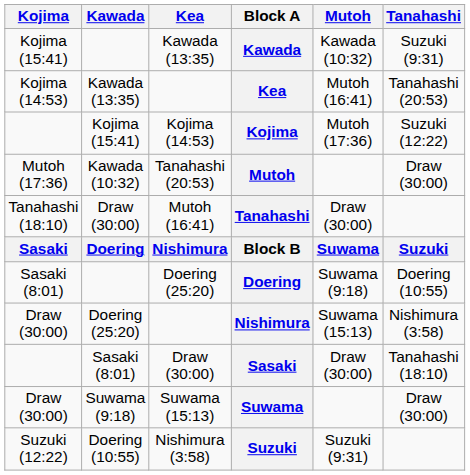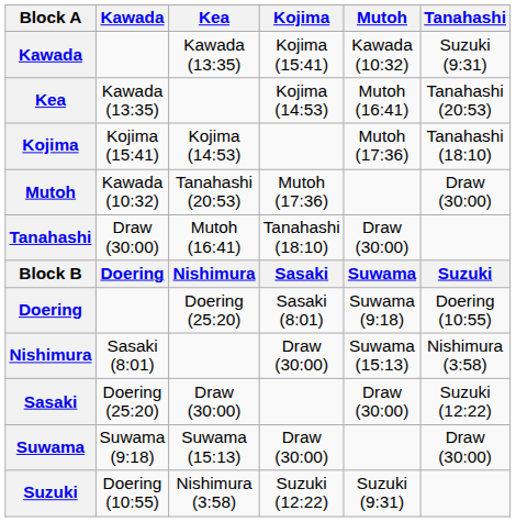 <table class="wikitable" style="margin: 1em auto 1em auto; text-align:center;">
 <tr>
-<th><a href='#'>Kojima</a></th>
+<th>Block A</th>
 <th><a href='#'>Kawada</a></th>
 <th><a href='#'>Kea</a></th>
-<th>Block A</th>
+<th><a href='#'>Kojima</a></th>
 <th><a href='#'>Mutoh</a></th>
 <th><a href='#'>Tanahashi</a></th>
 </tr>
 <tr>
-<td>Kojima<br>(15:41)</td>
+<th><a href='#'>Kawada</a></th>
 <td></td>
 <td>Kawada<br>(13:35)</td>
-<th><a href='#'>Kawada</a></th>
+<td>Kojima<br>(15:41)</td>
 <td>Kawada<br>(10:32)</td>
 <td>Suzuki<br>(9:31)</td>
 </tr>
 <tr>
-<td>Kojima<br>(14:53)</td>
+<th><a href='#'>Kea</a></th>
 <td>Kawada<br>(13:35)</td>
 <td></td>
-<th><a href='#'>Kea</a></th>
+<td>Kojima<br>(14:53)</td>
 <td>Mutoh<br>(16:41)</td>
 <td>Tanahashi<br>(20:53)</td>
 </tr>
 <tr>
-<td></td>
+<th><a href='#'>Kojima</a></th>
 <td>Kojima<br>(15:41)</td>
 <td>Kojima<br>(14:53)</td>
-<th><a href='#'>Kojima</a></th>
+<td></td>
 <td>Mutoh<br>(17:36)</td>
-<td>Suzuki<br>(12:22)</td>
+<td>Tanahashi<br>(18:10)</td>
 </tr>
 <tr>
-<td>Mutoh<br>(17:36)</td>
+<th><a href='#'>Mutoh</a></th>
 <td>Kawada<br>(10:32)</td>
 <td>Tanahashi<br>(20:53)</td>
-<th><a href='#'>Mutoh</a></th>
+<td>Mutoh<br>(17:36)</td>
 <td></td>
 <td>Draw<br>(30:00)</td>
 </tr>
 <tr>
-<td>Tanahashi<br>(18:10)</td>
+<th><a href='#'>Tanahashi</a></th>
 <td>Draw<br>(30:00)</td>
 <td>Mutoh<br>(16:41)</td>
-<th><a href='#'>Tanahashi</a></th>
+<td>Tanahashi<br>(18:10)</td>
 <td>Draw<br>(30:00)</td>
 <td></td>
 </tr>
 <tr>
-<th><a href='#'>Sasaki</a></th>
+<th>Block B</th>
 <th><a href='#'>Doering</a></th>
 <th><a href='#'>Nishimura</a></th>
-<th>Block B</th>
+<th><a href='#'>Sasaki</a></th>
 <th><a href='#'>Suwama</a></th>
 <th><a href='#'>Suzuki</a></th>
 </tr>
 <tr>
-<td>Sasaki<br>(8:01)</td>
+<th><a href='#'>Doering</a></th>
 <td></td>
 <td>Doering<br>(25:20)</td>
-<th><a href='#'>Doering</a></th>
+<td>Sasaki<br>(8:01)</td>
 <td>Suwama<br>(9:18)</td>
 <td>Doering<br>(10:55)</td>
 </tr>
 <tr>
+<th><a href='#'>Nishimura</a></th>
+<td>Sasaki<br>(8:01)</td>
+<td></td>
 <td>Draw<br>(30:00)</td>
-<td>Doering<br>(25:20)</td>
-<td></td>
-<th><a href='#'>Nishimura</a></th>
 <td>Suwama<br>(15:13)</td>
 <td>Nishimura<br>(3:58)</td>
 </tr>
 <tr>
+<th><a href='#'>Sasaki</a></th>
+<td>Doering<br>(25:20)</td>
+<td>Draw<br>(30:00)</td>
 <td></td>
-<td>Sasaki<br>(8:01)</td>
 <td>Draw<br>(30:00)</td>
-<th><a href='#'>Sasaki</a></th>
-<td>Draw<br>(30:00)</td>
-<td>Tanahashi<br>(18:10)</td>
+<td>Suzuki<br>(12:22)</td>
 </tr>
 <tr>
-<td>Draw<br>(30:00)</td>
+<th><a href='#'>Suwama</a></th>
 <td>Suwama<br>(9:18)</td>
 <td>Suwama<br>(15:13)</td>
-<th><a href='#'>Suwama</a></th>
+<td>Draw<br>(30:00)</td>
 <td></td>
 <td>Draw<br>(30:00)</td>
 </tr>
 <tr>
-<td>Suzuki<br>(12:22)</td>
+<th><a href='#'>Suzuki</a></th>
 <td>Doering<br>(10:55)</td>
 <td>Nishimura<br>(3:58)</td>
-<th><a href='#'>Suzuki</a></th>
+<td>Suzuki<br>(12:22)</td>
 <td>Suzuki<br>(9:31)</td>
 <td></td>
 </tr>
 </table>
